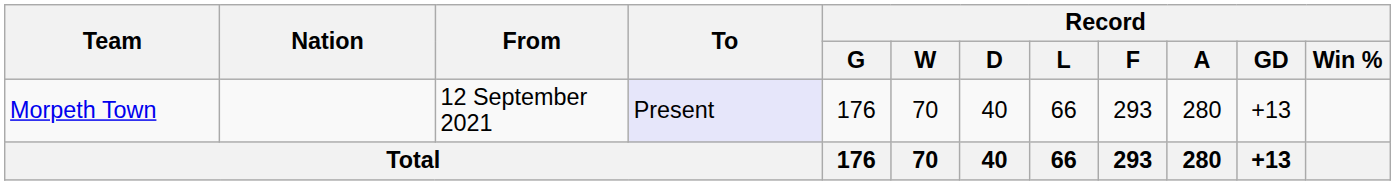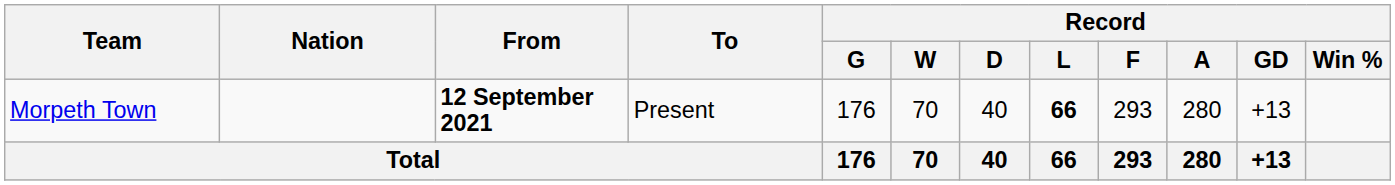 <table class="wikitable" style="text-align: center">
 <tr>
 <th rowspan=2 width=140>Team</th>
 <th rowspan=2 width=140>Nation</th>
 <th rowspan=2 width=125>From</th>
 <th rowspan=2 width=125>To</th>
 <th colspan=8>Record</th>
 </tr>
 <tr>
 <th width=40>G</th>
 <th width=40>W</th>
 <th width=40>D</th>
 <th width=40>L</th>
 <th width=40>F</th>
 <th width=40>A</th>
 <th width=40>GD</th>
 <th width=50>Win %</th>
 </tr>
 <tr>
 <td align="left"><a href='#'>Morpeth Town</a></td>
 <td align="left"></td>
-<td align=left>12 September 2021</td>
-<td align=left style="background: lavender;">Present</td>
+<td align=left><strong>12 September 2021</strong></td>
+<td align=left>Present</td>
 <td>176</td>
 <td>70</td>
 <td>40</td>
-<td>66</td>
+<td><strong>66</strong></td>
 <td>293</td>
 <td>280</td>
 <td>+13</td>
 <td></td>
 </tr>
 <tr>
 <th align="center" colspan="4">Total</th>
 <th>176</th>
 <th>70</th>
 <th>40</th>
 <th>66</th>
 <th>293</th>
 <th>280</th>
 <th>+13</th>
 <th></th>
 </tr>
 </table>
